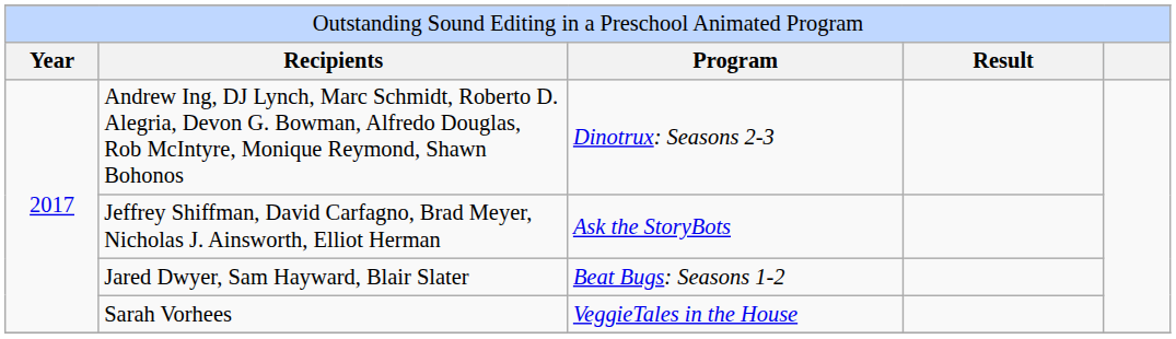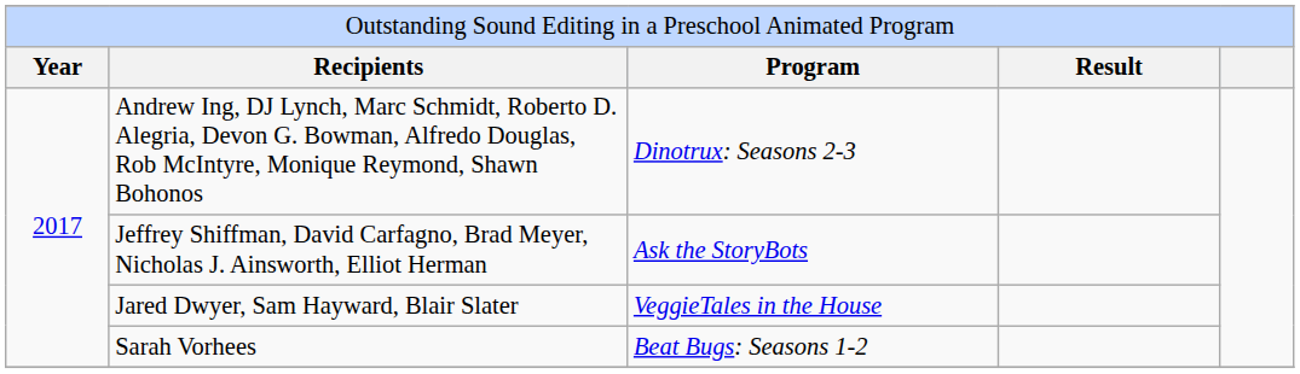 <table class="wikitable plainrowheaders" style="font-size: 90%" width=85%>
 <tr>
 </tr>
 <tr ---- bgcolor="#bfd7ff">
 <td colspan=6 align=center>Outstanding Sound Editing in a Preschool Animated Program</td>
 </tr>
 <tr ---- bgcolor="#ebf5ff">
 <th scope="col" style="width:7%;">Year</th>
 <th scope="col" style="width:35%;">Recipients</th>
 <th scope="col" style="width:25%;">Program</th>
 <th scope="col" style="width:15%;">Result</th>
 <th scope="col" class="unsortable" style="width:5%;"></th>
 </tr>
 <tr>
 <td rowspan="4" style="text-align:center;"><a href='#'>2017</a></td>
 <td>Andrew Ing, DJ Lynch, Marc Schmidt, Roberto D. Alegria, Devon G. Bowman, Alfredo Douglas, Rob McIntyre, Monique Reymond, Shawn Bohonos</td>
 <td><em><a href='#'>Dinotrux</a>: Seasons 2-3</em></td>
 <td></td>
 <td rowspan="4" style="text-align:center;"></td>
 </tr>
 <tr>
 <td>Jeffrey Shiffman, David Carfagno, Brad Meyer, Nicholas J. Ainsworth, Elliot Herman</td>
 <td><em><a href='#'>Ask the StoryBots</a></em></td>
 <td></td>
 </tr>
 <tr>
 <td>Jared Dwyer, Sam Hayward, Blair Slater</td>
-<td><em><a href='#'>Beat Bugs</a>: Seasons 1-2</em></td>
+<td><em><a href='#'>VeggieTales in the House</a></em></td>
 <td></td>
 </tr>
 <tr>
 <td>Sarah Vorhees</td>
-<td><em><a href='#'>VeggieTales in the House</a></em></td>
+<td><em><a href='#'>Beat Bugs</a>: Seasons 1-2</em></td>
 <td></td>
 </tr>
 <tr>
 </tr>
 </table>
